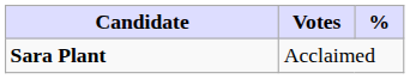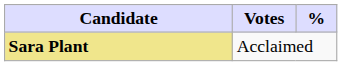 <table class="wikitable">
 <tr>
 <th style="background:#ddf; width:200px;">Candidate</th>
 <th style="background:#ddf; width:50px;">Votes</th>
 <th style="background:#ddf; width:30px;">%</th>
 </tr>
 <tr>
-<td><strong>Sara Plant</strong></td>
+<td style="background: khaki;"><strong>Sara Plant</strong></td>
 <td colspan="2">Acclaimed</td>
 </tr>
 </table>
